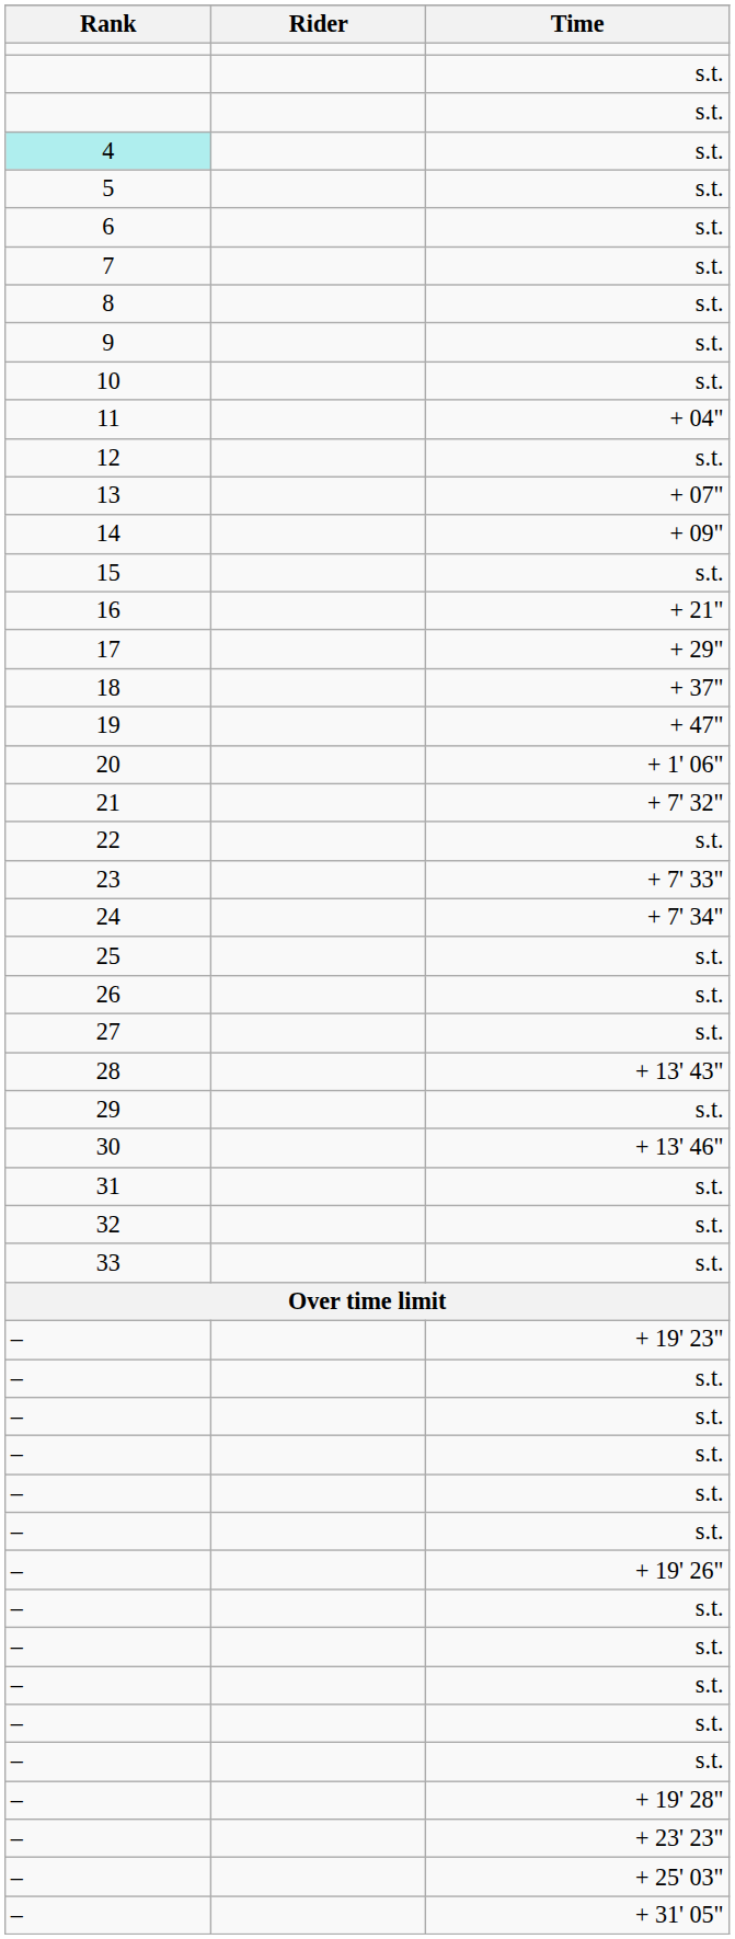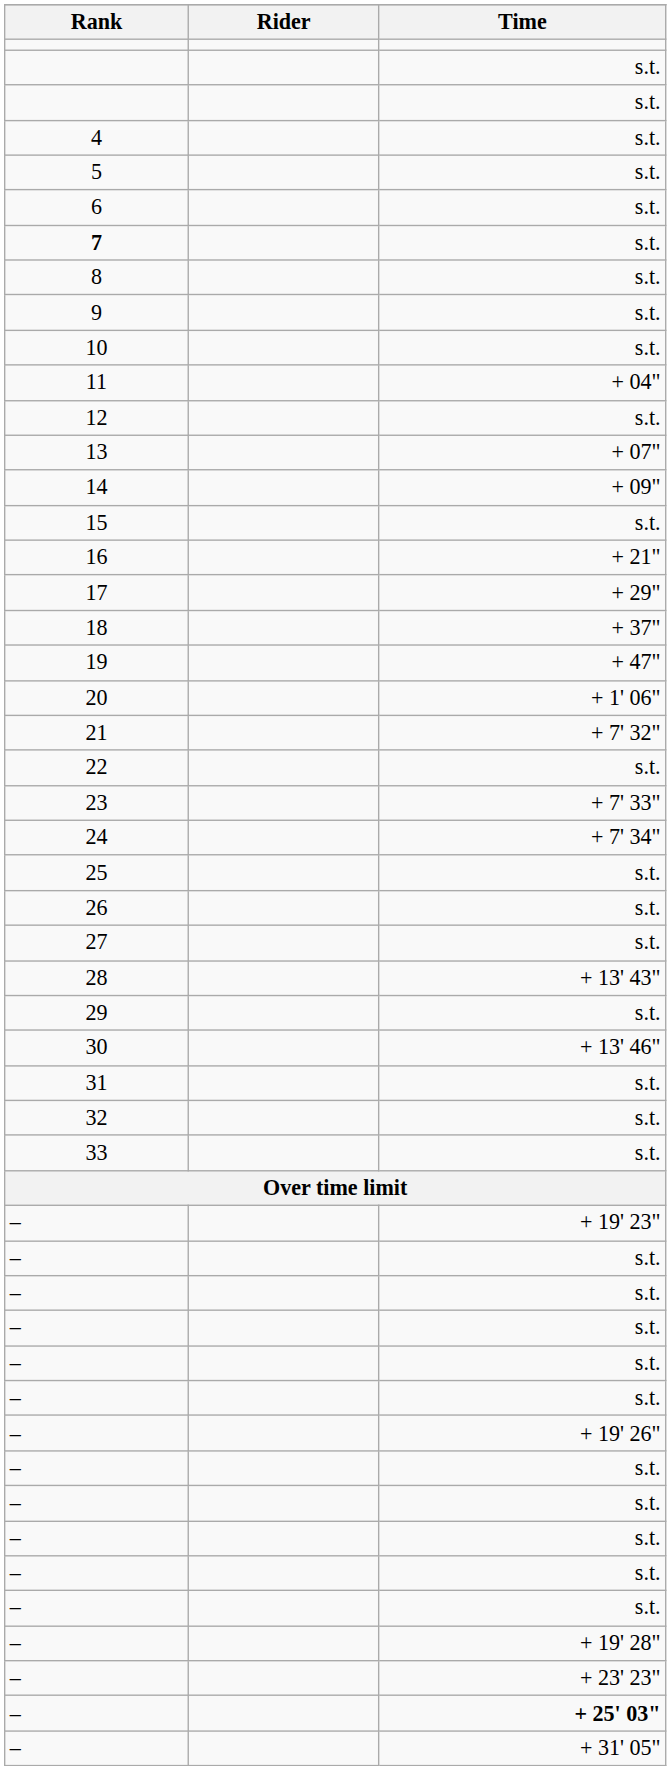 <table class="wikitable" style="width:30em; margin-bottom:0; style="font-size:95%;">
 <tr>
 </tr>
 <tr>
 <th>Rank</th>
 <th>Rider</th>
 <th>Time</th>
 </tr>
 <tr>
 <td align=center></td>
 <td></td>
 <td align=right></td>
 </tr>
 <tr>
 <td align=center></td>
 <td></td>
 <td align=right>s.t.</td>
 </tr>
 <tr>
 <td align=center></td>
 <td></td>
 <td align=right>s.t.</td>
 </tr>
 <tr>
-<td align=center style="background: paleturquoise;">4</td>
+<td align=center>4</td>
 <td></td>
 <td align=right>s.t.</td>
 </tr>
 <tr>
 <td align=center>5</td>
 <td></td>
 <td align=right>s.t.</td>
 </tr>
 <tr>
 <td align=center>6</td>
 <td></td>
 <td align=right>s.t.</td>
 </tr>
 <tr>
-<td align=center>7</td>
+<td align=center><strong>7</strong></td>
 <td></td>
 <td align=right>s.t.</td>
 </tr>
 <tr>
 <td align=center>8</td>
 <td></td>
 <td align=right>s.t.</td>
 </tr>
 <tr>
 <td align=center>9</td>
 <td></td>
 <td align=right>s.t.</td>
 </tr>
 <tr>
 <td align=center>10</td>
 <td></td>
 <td align=right>s.t.</td>
 </tr>
 <tr>
 <td align=center>11</td>
 <td></td>
 <td align=right>+ 04"</td>
 </tr>
 <tr>
 <td align=center>12</td>
 <td></td>
 <td align=right>s.t.</td>
 </tr>
 <tr>
 <td align=center>13</td>
 <td></td>
 <td align=right>+ 07"</td>
 </tr>
 <tr>
 <td align=center>14</td>
 <td></td>
 <td align=right>+ 09"</td>
 </tr>
 <tr>
 <td align=center>15</td>
 <td></td>
 <td align=right>s.t.</td>
 </tr>
 <tr>
 <td align=center>16</td>
 <td></td>
 <td align=right>+ 21"</td>
 </tr>
 <tr>
 <td align=center>17</td>
 <td></td>
 <td align=right>+ 29"</td>
 </tr>
 <tr>
 <td align=center>18</td>
 <td></td>
 <td align=right>+ 37"</td>
 </tr>
 <tr>
 <td align=center>19</td>
 <td></td>
 <td align=right>+ 47"</td>
 </tr>
 <tr>
 <td align=center>20</td>
 <td></td>
 <td align=right>+ 1' 06"</td>
 </tr>
 <tr>
 <td align=center>21</td>
 <td></td>
 <td align=right>+ 7' 32"</td>
 </tr>
 <tr>
 <td align=center>22</td>
 <td></td>
 <td align=right>s.t.</td>
 </tr>
 <tr>
 <td align=center>23</td>
 <td></td>
 <td align=right>+ 7' 33"</td>
 </tr>
 <tr>
 <td align=center>24</td>
 <td></td>
 <td align=right>+ 7' 34"</td>
 </tr>
 <tr>
 <td align=center>25</td>
 <td></td>
 <td align=right>s.t.</td>
 </tr>
 <tr>
 <td align=center>26</td>
 <td></td>
 <td align=right>s.t.</td>
 </tr>
 <tr>
 <td align=center>27</td>
 <td></td>
 <td align=right>s.t.</td>
 </tr>
 <tr>
 <td align=center>28</td>
 <td></td>
 <td align=right>+ 13' 43"</td>
 </tr>
 <tr>
 <td align=center>29</td>
 <td></td>
 <td align=right>s.t.</td>
 </tr>
 <tr>
 <td align=center>30</td>
 <td></td>
 <td align=right>+ 13' 46"</td>
 </tr>
 <tr>
 <td align=center>31</td>
 <td></td>
 <td align=right>s.t.</td>
 </tr>
 <tr>
 <td align=center>32</td>
 <td></td>
 <td align=right>s.t.</td>
 </tr>
 <tr>
 <td align=center>33</td>
 <td></td>
 <td align=right>s.t.</td>
 </tr>
 <tr>
 <th scope=row colspan=3>Over time limit</th>
 </tr>
 <tr>
 <td>–</td>
 <td></td>
 <td align=right>+ 19' 23"</td>
 </tr>
 <tr>
 <td>–</td>
 <td></td>
 <td align=right>s.t.</td>
 </tr>
 <tr>
 <td>–</td>
 <td></td>
 <td align=right>s.t.</td>
 </tr>
 <tr>
 <td>–</td>
 <td></td>
 <td align=right>s.t.</td>
 </tr>
 <tr>
 <td>–</td>
 <td></td>
 <td align=right>s.t.</td>
 </tr>
 <tr>
 <td>–</td>
 <td></td>
 <td align=right>s.t.</td>
 </tr>
 <tr>
 <td>–</td>
 <td></td>
 <td align=right>+ 19' 26"</td>
 </tr>
 <tr>
 <td>–</td>
 <td></td>
 <td align=right>s.t.</td>
 </tr>
 <tr>
 <td>–</td>
 <td></td>
 <td align=right>s.t.</td>
 </tr>
 <tr>
 <td>–</td>
 <td></td>
 <td align=right>s.t.</td>
 </tr>
 <tr>
 <td>–</td>
 <td></td>
 <td align=right>s.t.</td>
 </tr>
 <tr>
 <td>–</td>
 <td></td>
 <td align=right>s.t.</td>
 </tr>
 <tr>
 <td>–</td>
 <td></td>
 <td align=right>+ 19' 28"</td>
 </tr>
 <tr>
 <td>–</td>
 <td></td>
 <td align=right>+ 23' 23"</td>
 </tr>
 <tr>
 <td>–</td>
 <td></td>
-<td align=right>+ 25' 03"</td>
+<td align=right><strong>+ 25' 03"</strong></td>
 </tr>
 <tr>
 <td>–</td>
 <td></td>
 <td align=right>+ 31' 05"</td>
 </tr>
 </table>
